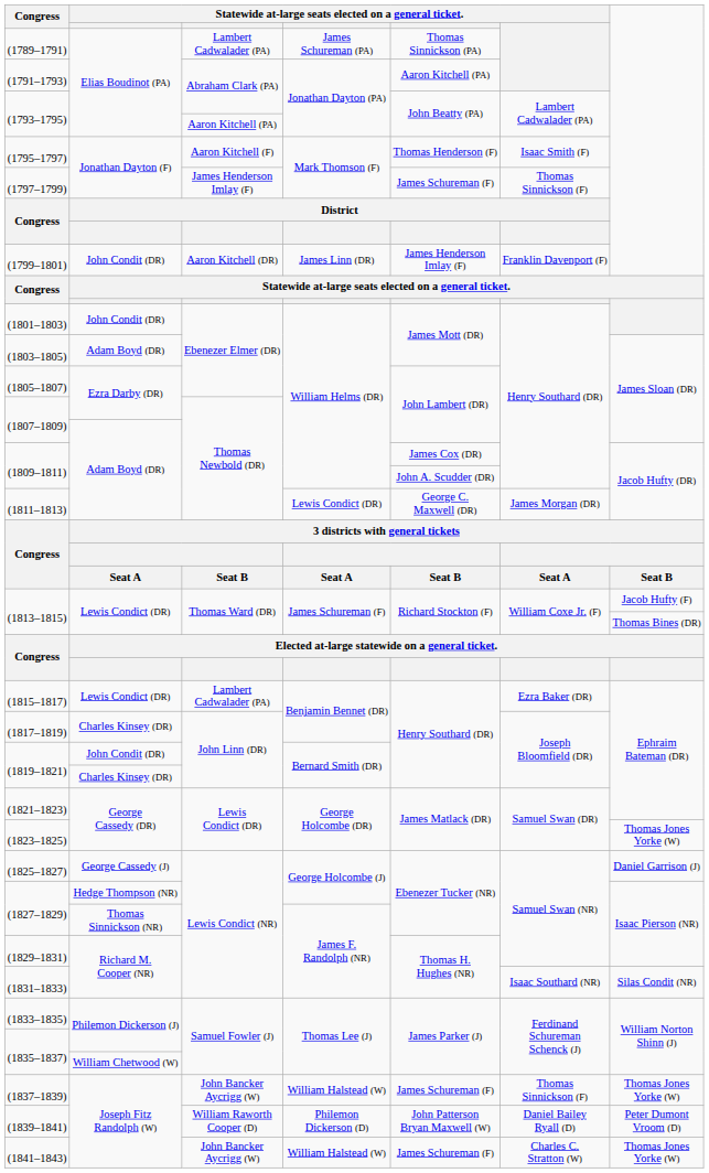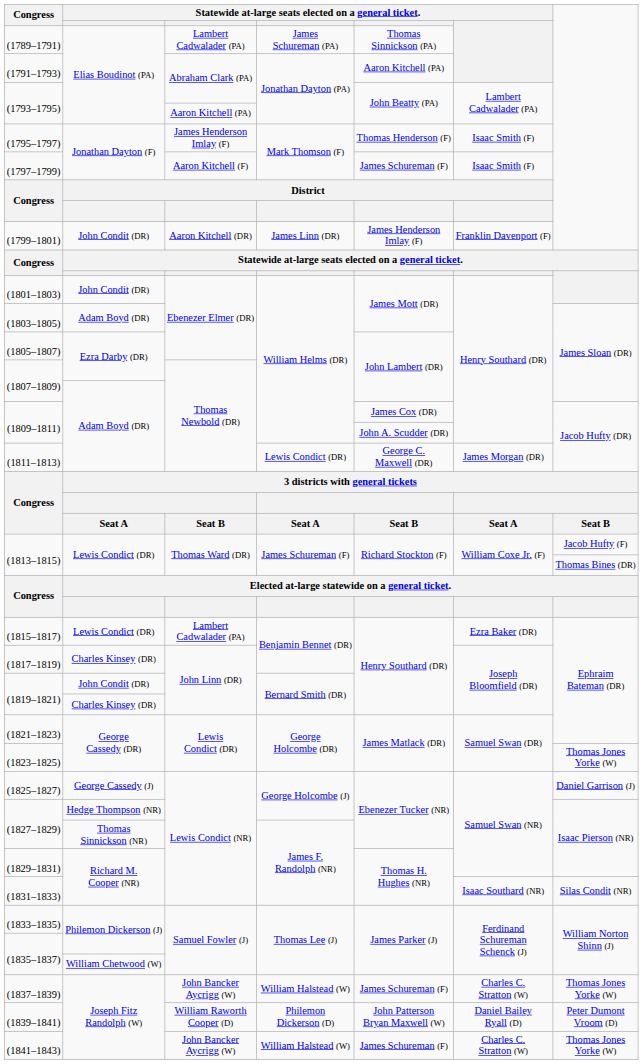 <table class=wikitable style="text-align:center">
 <tr>
 <th rowspan=2>Cong­ress</th>
 <th colspan=5>Statewide at-large seats elected on a <a href='#'>general ticket</a>.</th>
 </tr>
 <tr valign=top>
 <th></th>
 <th></th>
 <th></th>
 <th></th>
 <th valign=bottom rowspan=3></th>
 </tr>
 <tr style="height:2em">
 <td><strong></strong><br>(1789–1791)</td>
 <td rowspan=4 ><a href='#'>Elias Boudinot</a> <small>(PA)</small></td>
 <td><a href='#'>Lambert<br>Cadwalader</a> <small>(PA)</small></td>
 <td><a href='#'>James<br>Schureman</a> <small>(PA)</small></td>
 <td><a href='#'>Thomas<br>Sinnickson</a> <small>(PA)</small></td>
 </tr>
 <tr style="height:2em">
 <td><strong></strong><br>(1791–1793)</td>
 <td rowspan=2 ><a href='#'>Abraham Clark</a> <small>(PA)</small></td>
 <td rowspan=3 ><a href='#'>Jonathan Dayton</a> <small>(PA)</small></td>
 <td><a href='#'>Aaron Kitchell</a> <small>(PA)</small></td>
 </tr>
 <tr style="height:2em">
 <td rowspan=2><strong></strong><br>(1793–1795)</td>
 <td rowspan=2 ><a href='#'>John Beatty</a> <small>(PA)</small></td>
 <td rowspan=2 ><a href='#'>Lambert<br>Cadwalader</a> <small>(PA)</small></td>
 </tr>
 <tr style="height:2em">
 <td><a href='#'>Aaron Kitchell</a> <small>(PA)</small></td>
 </tr>
 <tr style="height:2em">
 <td><strong></strong><br>(1795–1797)</td>
 <td rowspan=2 ><a href='#'>Jonathan Dayton</a> <small>(F)</small></td>
-<td><a href='#'>Aaron Kitchell</a> <small>(F)</small></td>
+<td><a href='#'>James Henderson<br>Imlay</a> <small>(F)</small></td>
 <td rowspan=2 ><a href='#'>Mark Thomson</a> <small>(F)</small></td>
 <td><a href='#'>Thomas Henderson</a> <small>(F)</small></td>
 <td><a href='#'>Isaac Smith</a> <small>(F)</small></td>
 </tr>
 <tr style="height:2em">
 <td><strong></strong><br>(1797–1799)</td>
-<td><a href='#'>James Henderson<br>Imlay</a> <small>(F)</small></td>
+<td><a href='#'>Aaron Kitchell</a> <small>(F)</small></td>
 <td><a href='#'>James Schureman</a> <small>(F)</small></td>
-<td><a href='#'>Thomas<br>Sinnickson</a> <small>(F)</small></td>
+<td><a href='#'>Isaac Smith</a> <small>(F)</small></td>
 </tr>
 <tr style="height:2em">
 <th rowspan=2>Cong­ress</th>
 <th colspan=5>District</th>
 </tr>
 <tr style="height:2em">
 <th></th>
 <th></th>
 <th></th>
 <th></th>
 <th></th>
 </tr>
 <tr style="height:2em">
 <td><strong></strong><br>(1799–1801)</td>
 <td><a href='#'>John Condit</a> <small>(DR)</small></td>
 <td><a href='#'>Aaron Kitchell</a> <small>(DR)</small></td>
 <td><a href='#'>James Linn</a> <small>(DR)</small></td>
 <td><a href='#'>James Henderson<br>Imlay</a> <small>(F)</small></td>
 <td><a href='#'>Franklin Davenport</a> <small>(F)</small></td>
 </tr>
 <tr style="height:2em">
 <th rowspan=2>Cong­ress</th>
 <th colspan=6>Statewide at-large seats elected on a <a href='#'>general ticket</a>.</th>
 </tr>
 <tr valign=top>
 <th></th>
 <th></th>
 <th></th>
 <th></th>
 <th></th>
 <th valign=bottom rowspan=2></th>
 </tr>
 <tr style="height:2em">
 <td><strong></strong><br>(1801–1803)</td>
 <td><a href='#'>John Condit</a> <small>(DR)</small></td>
 <td rowspan=3 ><a href='#'>Ebenezer Elmer</a> <small>(DR)</small></td>
 <td rowspan=7 ><a href='#'>William Helms</a> <small>(DR)</small></td>
 <td rowspan=2 ><a href='#'>James Mott</a> <small>(DR)</small></td>
 <td rowspan=7 ><a href='#'>Henry Southard</a> <small>(DR)</small></td>
 </tr>
 <tr style="height:2em">
 <td><strong></strong><br>(1803–1805)</td>
 <td><a href='#'>Adam Boyd</a> <small>(DR)</small></td>
 <td rowspan=4 ><a href='#'>James Sloan</a> <small>(DR)</small></td>
 </tr>
 <tr style="height:2em">
 <td><strong></strong><br>(1805–1807)</td>
 <td rowspan=2 ><a href='#'>Ezra Darby</a> <small>(DR)</small></td>
 <td rowspan= 3 ><a href='#'>John Lambert</a> <small>(DR)</small></td>
 </tr>
 <tr style="height:2em">
 <td rowspan=2><strong></strong><br>(1807–1809)</td>
 <td rowspan=5 ><a href='#'>Thomas<br>Newbold</a> <small>(DR)</small></td>
 </tr>
 <tr style="height:2em">
 <td rowspan=4 ><a href='#'>Adam Boyd</a> <small>(DR)</small></td>
 </tr>
 <tr style="height:2em">
 <td rowspan=2><strong></strong><br>(1809–1811)</td>
 <td><a href='#'>James Cox</a> <small>(DR)</small></td>
 <td rowspan=3 ><a href='#'>Jacob Hufty</a> <small>(DR)</small></td>
 </tr>
 <tr style="height:2em">
 <td><a href='#'>John A. Scudder</a> <small>(DR)</small></td>
 </tr>
 <tr style="height:2em">
 <td><strong></strong><br>(1811–1813)</td>
 <td><a href='#'>Lewis Condict</a> <small>(DR)</small></td>
 <td><a href='#'>George C.<br>Maxwell</a> <small>(DR)</small></td>
 <td><a href='#'>James Morgan</a> <small>(DR)</small></td>
 </tr>
 <tr style="height:2em">
 <th rowspan=3>Cong­ress</th>
 <th colspan=6>3 districts with <a href='#'>general tickets</a></th>
 </tr>
 <tr style="height:2em">
 <th colspan=2></th>
 <th colspan=2></th>
 <th colspan=2></th>
 </tr>
 <tr style="height:2em">
 <th>Seat A</th>
 <th>Seat B</th>
 <th>Seat A</th>
 <th>Seat B</th>
 <th>Seat A</th>
 <th>Seat B</th>
 </tr>
 <tr style="height:2em">
 <td rowspan=2><strong></strong><br>(1813–1815)</td>
 <td rowspan=2 ><a href='#'>Lewis Condict</a> <small>(DR)</small></td>
 <td rowspan=2 ><a href='#'>Thomas Ward</a> <small>(DR)</small></td>
 <td rowspan=2 ><a href='#'>James Schureman</a> <small>(F)</small></td>
 <td rowspan=2 ><a href='#'>Richard Stockton</a> <small>(F)</small></td>
 <td rowspan=2 ><a href='#'>William Coxe Jr.</a> <small>(F)</small></td>
 <td><a href='#'>Jacob Hufty</a> <small>(F)</small></td>
 </tr>
 <tr style="height:2em">
 <td><a href='#'>Thomas Bines</a> <small>(DR)</small></td>
 </tr>
 <tr style="height:2em">
 <th rowspan=2>Cong­ress</th>
 <th colspan=6>Elected at-large statewide on a <a href='#'>general ticket</a>.</th>
 </tr>
 <tr style="height:2em">
 <th></th>
 <th></th>
 <th></th>
 <th></th>
 <th></th>
 <th></th>
 </tr>
 <tr style="height:2em">
 <td><strong></strong><br>(1815–1817)</td>
 <td><a href='#'>Lewis Condict</a> <small>(DR)</small></td>
 <td><a href='#'>Lambert<br>Cadwalader</a> <small>(PA)</small></td>
 <td rowspan=2 ><a href='#'>Benjamin Bennet</a> <small>(DR)</small></td>
 <td rowspan=4 ><a href='#'>Henry Southard</a> <small>(DR)</small></td>
 <td><a href='#'>Ezra Baker</a> <small>(DR)</small></td>
 <td rowspan=5 ><a href='#'>Ephraim<br>Bateman</a> <small>(DR)</small></td>
 </tr>
 <tr style="height:2em">
 <td><strong></strong><br>(1817–1819)</td>
 <td><a href='#'>Charles Kinsey</a> <small>(DR)</small></td>
 <td rowspan=3 ><a href='#'>John Linn</a> <small>(DR)</small></td>
 <td rowspan=3 ><a href='#'>Joseph<br>Bloomfield</a> <small>(DR)</small></td>
 </tr>
 <tr style="height:2em">
 <td rowspan=2><strong></strong><br>(1819–1821)</td>
 <td><a href='#'>John Condit</a> <small>(DR)</small></td>
 <td rowspan=2 ><a href='#'>Bernard Smith</a> <small>(DR)</small></td>
 </tr>
 <tr style="height:2em">
 <td><a href='#'>Charles Kinsey</a> <small>(DR)</small></td>
 </tr>
 <tr style="height:2em">
 <td><strong></strong><br>(1821–1823)</td>
 <td rowspan=2 ><a href='#'>George<br>Cassedy</a> <small>(DR)</small></td>
 <td rowspan=2 ><a href='#'>Lewis<br>Condict</a> <small>(DR)</small></td>
 <td rowspan=2 ><a href='#'>George<br>Holcombe</a> <small>(DR)</small></td>
 <td rowspan=2 ><a href='#'>James Matlack</a> <small>(DR)</small></td>
 <td rowspan=2 ><a href='#'>Samuel Swan</a> <small>(DR)</small></td>
 </tr>
 <tr style="height:2em">
 <td><strong></strong><br>(1823–1825)</td>
 <td><a href='#'>Thomas Jones<br>Yorke</a> <small>(W)</small></td>
 </tr>
 <tr style="height:2em">
 <td><strong></strong><br>(1825–1827)</td>
 <td><a href='#'>George Cassedy</a> <small>(J)</small></td>
 <td rowspan=5 ><a href='#'>Lewis Condict</a> <small>(NR)</small></td>
 <td rowspan=2 ><a href='#'>George Holcombe</a> <small>(J)</small></td>
 <td rowspan=3 ><a href='#'>Ebenezer Tucker</a> <small>(NR)</small></td>
 <td rowspan=4 ><a href='#'>Samuel Swan</a> <small>(NR)</small></td>
 <td><a href='#'>Daniel Garrison</a> <small>(J)</small></td>
 </tr>
 <tr style="height:2em">
 <td rowspan=2><strong></strong><br>(1827–1829)</td>
 <td><a href='#'>Hedge Thompson</a> <small>(NR)</small></td>
 <td rowspan=3 ><a href='#'>Isaac Pierson</a> <small>(NR)</small></td>
 </tr>
 <tr style="height:2em">
 <td><a href='#'>Thomas<br>Sinnickson</a> <small>(NR)</small></td>
 <td rowspan=3 ><a href='#'>James F.<br>Randolph</a> <small>(NR)</small></td>
 </tr>
 <tr style="height:2em">
 <td><strong></strong><br>(1829–1831)</td>
 <td rowspan=2 ><a href='#'>Richard M.<br>Cooper</a> <small>(NR)</small></td>
 <td rowspan=2 ><a href='#'>Thomas H.<br>Hughes</a> <small>(NR)</small></td>
 </tr>
 <tr style="height:2em">
 <td><strong></strong><br>(1831–1833)</td>
 <td><a href='#'>Isaac Southard</a> <small>(NR)</small></td>
 <td><a href='#'>Silas Condit</a> <small>(NR)</small></td>
 </tr>
 <tr style="height:2em">
 <td><strong></strong><br>(1833–1835)</td>
 <td rowspan=2 ><a href='#'>Philemon Dickerson</a> <small>(J)</small></td>
 <td rowspan=3 ><a href='#'>Samuel Fowler</a> <small>(J)</small></td>
 <td rowspan=3 ><a href='#'>Thomas Lee</a> <small>(J)</small></td>
 <td rowspan=3 ><a href='#'>James Parker</a> <small>(J)</small></td>
 <td rowspan=3 ><a href='#'>Ferdinand<br>Schureman<br>Schenck</a> <small>(J)</small></td>
 <td rowspan=3 ><a href='#'>William Norton<br>Shinn</a> <small>(J)</small></td>
 </tr>
 <tr style="height:2em">
 <td rowspan=2><strong></strong><br>(1835–1837)</td>
 </tr>
 <tr style="height:2em">
 <td><a href='#'>William Chetwood</a> <small>(W)</small></td>
 </tr>
 <tr style="height:2em">
 <td><strong></strong><br>(1837–1839)</td>
 <td rowspan=3 ><a href='#'>Joseph Fitz<br>Randolph</a> <small>(W)</small></td>
 <td><a href='#'>John Bancker<br>Aycrigg</a> <small>(W)</small></td>
 <td><a href='#'>William Halstead</a> <small>(W)</small></td>
 <td><a href='#'>James Schureman</a> <small>(F)</small></td>
-<td><a href='#'>Thomas<br>Sinnickson</a> <small>(F)</small></td>
+<td><a href='#'>Charles C.<br>Stratton</a> <small>(W)</small></td>
 <td><a href='#'>Thomas Jones<br>Yorke</a> <small>(W)</small></td>
 </tr>
 <tr style="height:2em">
 <td><strong></strong><br>(1839–1841)</td>
 <td><a href='#'>William Raworth<br>Cooper</a> <small>(D)</small></td>
 <td><a href='#'>Philemon<br>Dickerson</a> <small>(D)</small></td>
 <td><a href='#'>John Patterson<br>Bryan Maxwell</a> <small>(W)</small></td>
 <td><a href='#'>Daniel Bailey<br>Ryall</a> <small>(D)</small></td>
 <td><a href='#'>Peter Dumont<br>Vroom</a> <small>(D)</small></td>
 </tr>
 <tr style="height:2em">
 <td><strong></strong><br>(1841–1843)</td>
 <td><a href='#'>John Bancker<br>Aycrigg</a> <small>(W)</small></td>
 <td><a href='#'>William Halstead</a> <small>(W)</small></td>
 <td><a href='#'>James Schureman</a> <small>(F)</small></td>
 <td><a href='#'>Charles C.<br>Stratton</a> <small>(W)</small></td>
 <td><a href='#'>Thomas Jones<br>Yorke</a> <small>(W)</small></td>
 </tr>
 </table>
